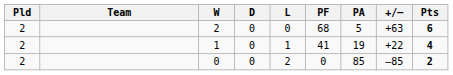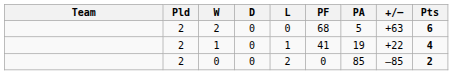 <table class="wikitable" style="text-align: center;">
 <tr>
+<th width="200">Team</th>
 <th width="40">Pld</th>
-<th width="200">Team</th>
 <th width="40">W</th>
 <th width="40">D</th>
 <th width="40">L</th>
 <th width="40">PF</th>
 <th width="40">PA</th>
 <th width="40">+/–</th>
 <th width="40">Pts</th>
 </tr>
 <tr>
+<td align=left></td>
 <td>2</td>
-<td align=left></td>
 <td>2</td>
 <td>0</td>
 <td>0</td>
 <td>68</td>
 <td>5</td>
 <td>+63</td>
 <td><strong>6</strong></td>
 </tr>
 <tr>
+<td align=left></td>
 <td>2</td>
-<td align=left></td>
 <td>1</td>
 <td>0</td>
 <td>1</td>
 <td>41</td>
 <td>19</td>
 <td>+22</td>
 <td><strong>4</strong></td>
 </tr>
 <tr>
+<td align=left></td>
 <td>2</td>
-<td align=left></td>
 <td>0</td>
 <td>0</td>
 <td>2</td>
 <td>0</td>
 <td>85</td>
 <td>–85</td>
 <td><strong>2</strong></td>
 </tr>
 </table>
